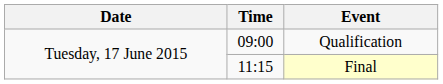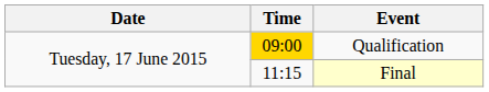 <table class = "wikitable" style="text-align:center;">
 <tr>
 <th width=220>Date</th>
 <th width=50>Time</th>
 <th width=150>Event</th>
 </tr>
 <tr>
 <td rowspan=2>Tuesday, 17 June 2015</td>
-<td>09:00</td>
+<td style="background: gold;">09:00</td>
 <td>Qualification</td>
 </tr>
 <tr>
 <td>11:15</td>
 <td bgcolor=ffffcc>Final</td>
 </tr>
 </table>
